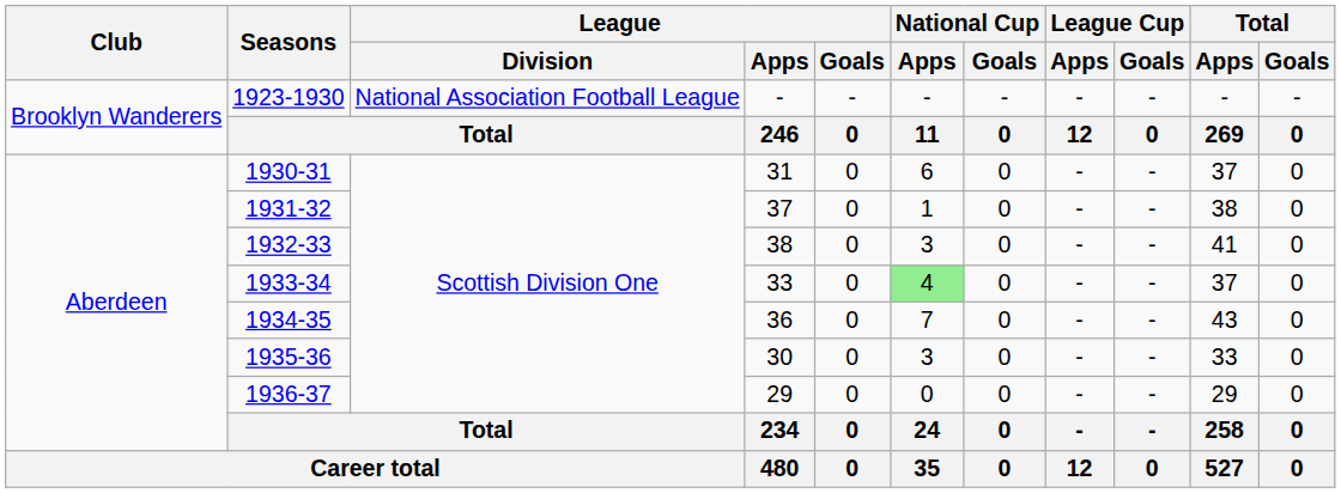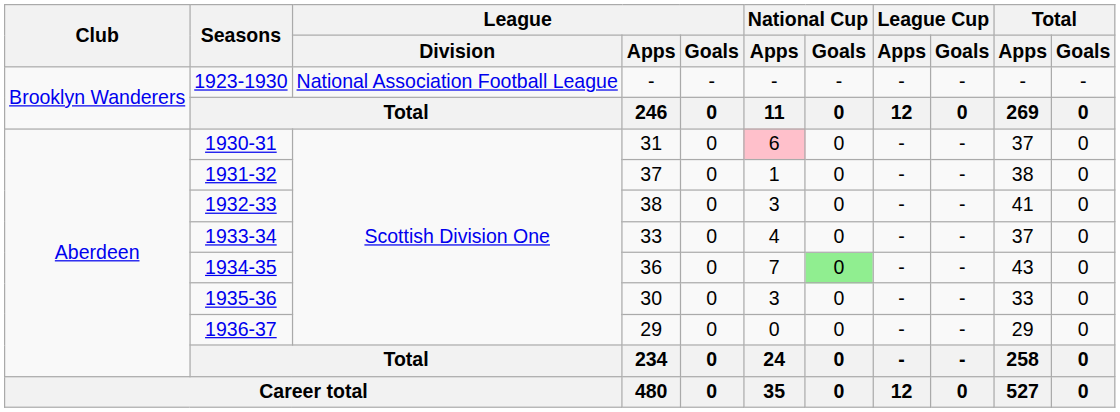 <table class="wikitable" style="text-align:center">
 <tr>
 <th rowspan="2">Club</th>
 <th rowspan="2">Seasons</th>
 <th colspan="3">League</th>
 <th colspan="2">National Cup</th>
 <th colspan="2">League Cup</th>
 <th colspan="2">Total</th>
 </tr>
 <tr>
 <th>Division</th>
 <th>Apps</th>
 <th>Goals</th>
 <th>Apps</th>
 <th>Goals</th>
 <th>Apps</th>
 <th>Goals</th>
 <th>Apps</th>
 <th>Goals</th>
 </tr>
 <tr>
 <td rowspan="2"><a href='#'>Brooklyn Wanderers</a></td>
 <td><a href='#'>1923-1930</a></td>
 <td><a href='#'>National Association Football League</a></td>
 <td>-</td>
 <td>-</td>
 <td>-</td>
 <td>-</td>
 <td>-</td>
 <td>-</td>
 <td>-</td>
 <td>-</td>
 </tr>
 <tr>
 <th colspan="2">Total</th>
 <th>246</th>
 <th>0</th>
 <th>11</th>
 <th>0</th>
 <th>12</th>
 <th>0</th>
 <th>269</th>
 <th>0</th>
 </tr>
 <tr>
 <td rowspan="8"><a href='#'>Aberdeen</a></td>
 <td><a href='#'>1930-31</a></td>
 <td rowspan="7"><a href='#'>Scottish Division One</a></td>
 <td>31</td>
 <td>0</td>
-<td>6</td>
+<td style="background: pink;">6</td>
 <td>0</td>
 <td>-</td>
 <td>-</td>
 <td>37</td>
 <td>0</td>
 </tr>
 <tr>
 <td><a href='#'>1931-32</a></td>
 <td>37</td>
 <td>0</td>
 <td>1</td>
 <td>0</td>
 <td>-</td>
 <td>-</td>
 <td>38</td>
 <td>0</td>
 </tr>
 <tr>
 <td><a href='#'>1932-33</a></td>
 <td>38</td>
 <td>0</td>
 <td>3</td>
 <td>0</td>
 <td>-</td>
 <td>-</td>
 <td>41</td>
 <td>0</td>
 </tr>
 <tr>
 <td><a href='#'>1933-34</a></td>
 <td>33</td>
 <td>0</td>
-<td style="background: lightgreen;">4</td>
+<td>4</td>
 <td>0</td>
 <td>-</td>
 <td>-</td>
 <td>37</td>
 <td>0</td>
 </tr>
 <tr>
 <td><a href='#'>1934-35</a></td>
 <td>36</td>
 <td>0</td>
 <td>7</td>
-<td>0</td>
+<td style="background: lightgreen;">0</td>
 <td>-</td>
 <td>-</td>
 <td>43</td>
 <td>0</td>
 </tr>
 <tr>
 <td><a href='#'>1935-36</a></td>
 <td>30</td>
 <td>0</td>
 <td>3</td>
 <td>0</td>
 <td>-</td>
 <td>-</td>
 <td>33</td>
 <td>0</td>
 </tr>
 <tr>
 <td><a href='#'>1936-37</a></td>
 <td>29</td>
 <td>0</td>
 <td>0</td>
 <td>0</td>
 <td>-</td>
 <td>-</td>
 <td>29</td>
 <td>0</td>
 </tr>
 <tr>
 <th colspan="2">Total</th>
 <th>234</th>
 <th>0</th>
 <th>24</th>
 <th>0</th>
 <th>-</th>
 <th>-</th>
 <th>258</th>
 <th>0</th>
 </tr>
 <tr>
 <th colspan="3">Career total</th>
 <th>480</th>
 <th>0</th>
 <th>35</th>
 <th>0</th>
 <th>12</th>
 <th>0</th>
 <th>527</th>
 <th>0</th>
 </tr>
 </table>
